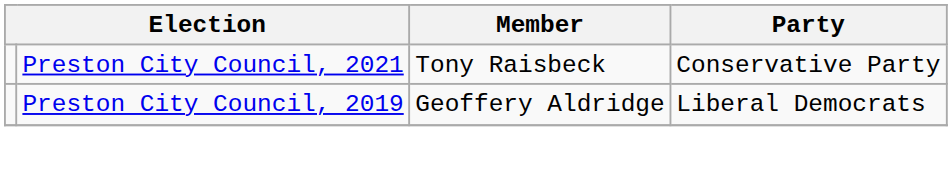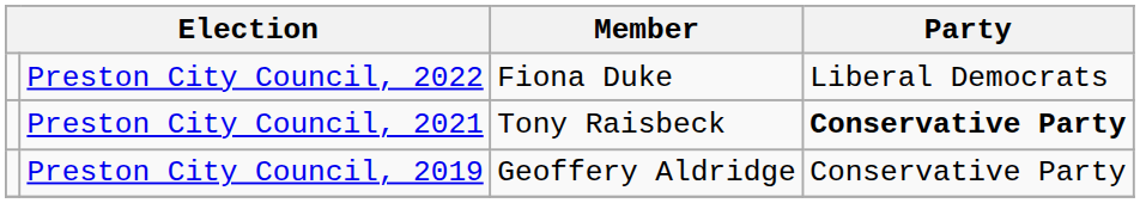 <table class="wikitable">
 <tr>
 <th colspan="2">Election</th>
 <th>Member</th>
 <th>Party</th>
 </tr>
 <tr>
 <td style="background-color: "></td>
+<td><a href='#'>Preston City Council, 2022</a></td>
+<td>Fiona Duke</td>
+<td>Liberal Democrats</td>
+</tr>
+<tr>
+<td style="background-color: "></td>
 <td><a href='#'>Preston City Council, 2021</a></td>
 <td>Tony Raisbeck</td>
-<td>Conservative Party</td>
+<td><strong>Conservative Party</strong></td>
 </tr>
 <tr>
 <td style="background-color: "></td>
 <td><a href='#'>Preston City Council, 2019</a></td>
 <td>Geoffery Aldridge</td>
-<td>Liberal Democrats</td>
+<td>Conservative Party</td>
 </tr>
 <tr>
 </tr>
 </table>
